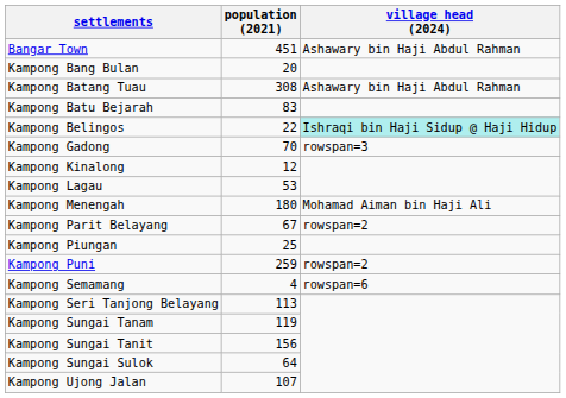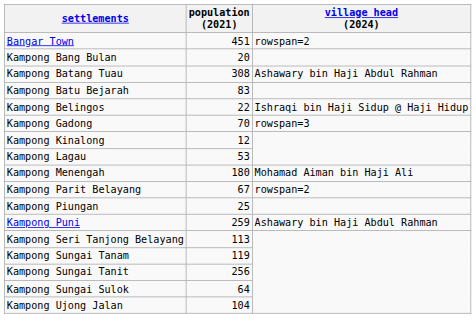 <table class="wikitable">
 <tr>
 <th><a href='#'>settlements</a></th>
 <th>population<br>(2021)</th>
 <th><a href='#'>village head</a><br>(2024)</th>
 </tr>
 <tr>
 <td><a href='#'>Bangar Town</a></td>
 <td align=right>451</td>
-<td>Ashawary bin Haji Abdul Rahman</td>
+<td>rowspan=2 </td>
 </tr>
 <tr>
 <td>Kampong Bang Bulan</td>
 <td align=right>20</td>
 </tr>
 <tr>
 <td>Kampong Batang Tuau</td>
 <td align=right>308</td>
 <td>Ashawary bin Haji Abdul Rahman</td>
 </tr>
 <tr>
 <td>Kampong Batu Bejarah</td>
 <td align=right>83</td>
 <td></td>
 </tr>
 <tr>
 <td>Kampong Belingos</td>
 <td align=right>22</td>
-<td style="background: paleturquoise;">Ishraqi bin Haji Sidup @ Haji Hidup</td>
+<td>Ishraqi bin Haji Sidup @ Haji Hidup</td>
 </tr>
 <tr>
 <td>Kampong Gadong</td>
 <td align=right>70</td>
 <td>rowspan=3 </td>
 </tr>
 <tr>
 <td>Kampong Kinalong</td>
 <td align=right>12</td>
 </tr>
 <tr>
 <td>Kampong Lagau</td>
 <td align=right>53</td>
 </tr>
 <tr>
 <td>Kampong Menengah</td>
 <td align=right>180</td>
 <td>Mohamad Aiman bin Haji Ali</td>
 </tr>
 <tr>
 <td>Kampong Parit Belayang</td>
 <td align=right>67</td>
 <td>rowspan=2 </td>
 </tr>
 <tr>
 <td>Kampong Piungan</td>
 <td align=right>25</td>
 </tr>
 <tr>
 <td><a href='#'>Kampong Puni</a></td>
 <td align=right>259</td>
-<td>rowspan=2 </td>
-</tr>
-<tr>
-<td>Kampong Semamang</td>
-<td align=right>4</td>
-<td>rowspan=6 </td>
+<td>Ashawary bin Haji Abdul Rahman</td>
 </tr>
 <tr>
 <td>Kampong Seri Tanjong Belayang</td>
 <td align=right>113</td>
 </tr>
 <tr>
 <td>Kampong Sungai Tanam</td>
 <td align=right>119</td>
 </tr>
 <tr>
 <td>Kampong Sungai Tanit</td>
-<td align=right>156</td>
+<td align=right>256</td>
 </tr>
 <tr>
 <td>Kampong Sungai Sulok</td>
 <td align=right>64</td>
 </tr>
 <tr>
 <td>Kampong Ujong Jalan</td>
-<td align=right>107</td>
+<td align=right>104</td>
 </tr>
 </table>
